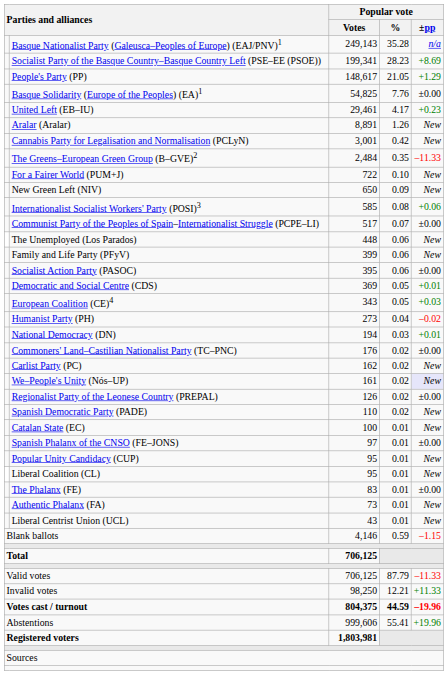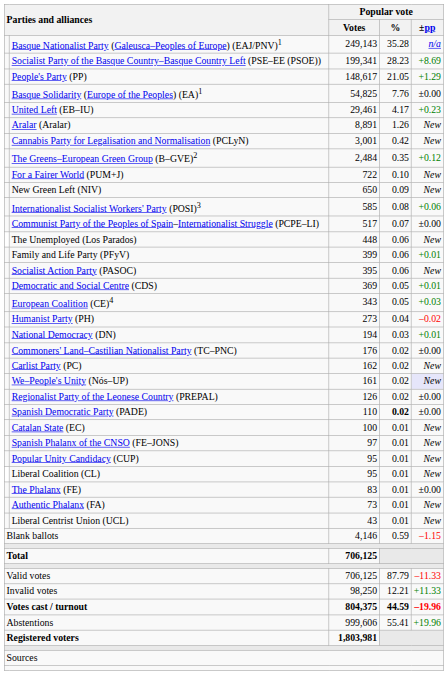 <table class="wikitable" style="text-align:right">
 <tr>
 <th style="text-align:left;" rowspan="2" colspan="2" width="525">Parties and alliances</th>
 <th colspan="3">Popular vote</th>
 </tr>
 <tr>
 <th width="75">Votes</th>
 <th width="45">%</th>
 <th width="45">±<a href='#'>pp</a></th>
 </tr>
 <tr>
 <td width="1" style="color:inherit;background:"></td>
 <td align="left"><a href='#'>Basque Nationalist Party</a> (<a href='#'>Galeusca–Peoples of Europe</a>) (EAJ/PNV)<sup>1</sup></td>
 <td>249,143</td>
 <td>35.28</td>
 <td><em><a href='#'>n/a</a></em></td>
 </tr>
 <tr>
 <td style="color:inherit;background:"></td>
 <td align="left"><a href='#'>Socialist Party of the Basque Country–Basque Country Left</a> (PSE–EE (PSOE))</td>
 <td>199,341</td>
 <td>28.23</td>
 <td style="color:green;">+8.69</td>
 </tr>
 <tr>
 <td style="color:inherit;background:"></td>
 <td align="left"><a href='#'>People's Party</a> (PP)</td>
 <td>148,617</td>
 <td>21.05</td>
 <td style="color:green;">+1.29</td>
 </tr>
 <tr>
 <td style="color:inherit;background:"></td>
 <td align="left"><a href='#'>Basque Solidarity</a> (<a href='#'>Europe of the Peoples</a>) (EA)<sup>1</sup></td>
 <td>54,825</td>
 <td>7.76</td>
 <td>±0.00</td>
 </tr>
 <tr>
 <td style="color:inherit;background:"></td>
 <td align="left"><a href='#'>United Left</a> (EB–IU)</td>
 <td>29,461</td>
 <td>4.17</td>
 <td style="color:green;">+0.23</td>
 </tr>
 <tr>
 <td style="color:inherit;background:"></td>
 <td align="left"><a href='#'>Aralar</a> (Aralar)</td>
 <td>8,891</td>
 <td>1.26</td>
 <td><em>New</em></td>
 </tr>
 <tr>
 <td style="color:inherit;background:"></td>
 <td align="left"><a href='#'>Cannabis Party for Legalisation and Normalisation</a> (PCLyN)</td>
 <td>3,001</td>
 <td>0.42</td>
 <td><em>New</em></td>
 </tr>
 <tr>
 <td style="color:inherit;background:"></td>
 <td align="left"><a href='#'>The Greens–European Green Group</a> (B–GVE)<sup>2</sup></td>
 <td>2,484</td>
 <td>0.35</td>
-<td style="color:red;">–11.33</td>
+<td style="color:green;">+0.12</td>
 </tr>
 <tr>
 <td style="color:inherit;background:"></td>
 <td align="left"><a href='#'>For a Fairer World</a> (PUM+J)</td>
 <td>722</td>
 <td>0.10</td>
 <td><em>New</em></td>
 </tr>
 <tr>
 <td style="color:inherit;background:"></td>
 <td align="left">New Green Left (NIV)</td>
 <td>650</td>
 <td>0.09</td>
 <td><em>New</em></td>
 </tr>
 <tr>
 <td style="color:inherit;background:"></td>
 <td align="left"><a href='#'>Internationalist Socialist Workers' Party</a> (POSI)<sup>3</sup></td>
 <td>585</td>
 <td>0.08</td>
 <td style="color:green;">+0.06</td>
 </tr>
 <tr>
 <td style="color:inherit;background:"></td>
 <td align="left"><a href='#'>Communist Party of the Peoples of Spain</a>–<a href='#'>Internationalist Struggle</a> (PCPE–LI)</td>
 <td>517</td>
 <td>0.07</td>
 <td>±0.00</td>
 </tr>
 <tr>
 <td bgcolor="white"></td>
 <td align="left">The Unemployed (Los Parados)</td>
 <td>448</td>
 <td>0.06</td>
 <td><em>New</em></td>
 </tr>
 <tr>
 <td style="color:inherit;background:"></td>
 <td align="left">Family and Life Party (PFyV)</td>
 <td>399</td>
 <td>0.06</td>
-<td><em>New</em></td>
+<td style="color:green;">+0.01</td>
 </tr>
 <tr>
 <td style="color:inherit;background:"></td>
 <td align="left"><a href='#'>Socialist Action Party</a> (PASOC)</td>
 <td>395</td>
 <td>0.06</td>
-<td>±0.00</td>
+<td><em>New</em></td>
 </tr>
 <tr>
 <td style="color:inherit;background:"></td>
 <td align="left"><a href='#'>Democratic and Social Centre</a> (CDS)</td>
 <td>369</td>
 <td>0.05</td>
 <td style="color:green;">+0.01</td>
 </tr>
 <tr>
 <td style="color:inherit;background:"></td>
 <td align="left"><a href='#'>European Coalition</a> (CE)<sup>4</sup></td>
 <td>343</td>
 <td>0.05</td>
 <td style="color:green;">+0.03</td>
 </tr>
 <tr>
 <td style="color:inherit;background:"></td>
 <td align="left"><a href='#'>Humanist Party</a> (PH)</td>
 <td>273</td>
 <td>0.04</td>
 <td style="color:red;">–0.02</td>
 </tr>
 <tr>
 <td style="color:inherit;background:"></td>
 <td align="left"><a href='#'>National Democracy</a> (DN)</td>
 <td>194</td>
 <td>0.03</td>
 <td style="color:green;">+0.01</td>
 </tr>
 <tr>
 <td style="color:inherit;background:"></td>
 <td align="left"><a href='#'>Commoners' Land–Castilian Nationalist Party</a> (TC–PNC)</td>
 <td>176</td>
 <td>0.02</td>
 <td>±0.00</td>
 </tr>
 <tr>
 <td style="color:inherit;background:"></td>
 <td align="left"><a href='#'>Carlist Party</a> (PC)</td>
 <td>162</td>
 <td>0.02</td>
 <td><em>New</em></td>
 </tr>
 <tr>
 <td style="color:inherit;background:"></td>
 <td align="left"><a href='#'>We–People's Unity</a> (Nós–UP)</td>
 <td>161</td>
 <td>0.02</td>
 <td style="background: lavender;"><em>New</em></td>
 </tr>
 <tr>
 <td style="color:inherit;background:"></td>
 <td align="left"><a href='#'>Regionalist Party of the Leonese Country</a> (PREPAL)</td>
 <td>126</td>
 <td>0.02</td>
 <td>±0.00</td>
 </tr>
 <tr>
 <td style="color:inherit;background:"></td>
 <td align="left"><a href='#'>Spanish Democratic Party</a> (PADE)</td>
 <td>110</td>
-<td>0.02</td>
-<td><em>New</em></td>
+<td><strong>0.02</strong></td>
+<td>±0.00</td>
 </tr>
 <tr>
 <td style="color:inherit;background:"></td>
 <td align="left"><a href='#'>Catalan State</a> (EC)</td>
 <td>100</td>
 <td>0.01</td>
 <td><em>New</em></td>
 </tr>
 <tr>
 <td style="color:inherit;background:"></td>
 <td align="left"><a href='#'>Spanish Phalanx of the CNSO</a> (FE–JONS)</td>
 <td>97</td>
 <td>0.01</td>
-<td>±0.00</td>
+<td><em>New</em></td>
 </tr>
 <tr>
 <td style="color:inherit;background:"></td>
 <td align="left"><a href='#'>Popular Unity Candidacy</a> (CUP)</td>
 <td>95</td>
 <td>0.01</td>
 <td><em>New</em></td>
 </tr>
 <tr>
 <td bgcolor="white"></td>
 <td align="left">Liberal Coalition (CL)</td>
 <td>95</td>
 <td>0.01</td>
 <td><em>New</em></td>
 </tr>
 <tr>
 <td style="color:inherit;background:"></td>
 <td align="left"><a href='#'>The Phalanx</a> (FE)</td>
 <td>83</td>
 <td>0.01</td>
 <td>±0.00</td>
 </tr>
 <tr>
 <td style="color:inherit;background:"></td>
 <td align="left"><a href='#'>Authentic Phalanx</a> (FA)</td>
 <td>73</td>
 <td>0.01</td>
 <td><em>New</em></td>
 </tr>
 <tr>
 <td style="color:inherit;background:"></td>
 <td align="left">Liberal Centrist Union (UCL)</td>
 <td>43</td>
 <td>0.01</td>
 <td><em>New</em></td>
 </tr>
 <tr>
 <td align="left" colspan="2">Blank ballots</td>
 <td>4,146</td>
 <td>0.59</td>
 <td style="color:red;">–1.15</td>
 </tr>
 <tr>
 <td colspan="5" bgcolor="#E9E9E9"></td>
 </tr>
 <tr style="font-weight:bold;">
 <td align="left" colspan="2">Total</td>
 <td>706,125</td>
 <td bgcolor="#E9E9E9" colspan="2"></td>
 </tr>
 <tr>
 <td colspan="5" bgcolor="#E9E9E9"></td>
 </tr>
 <tr>
 <td align="left" colspan="2">Valid votes</td>
 <td>706,125</td>
 <td>87.79</td>
 <td style="color:red;">–11.33</td>
 </tr>
 <tr>
 <td align="left" colspan="2">Invalid votes</td>
 <td>98,250</td>
 <td>12.21</td>
 <td style="color:green;">+11.33</td>
 </tr>
 <tr style="font-weight:bold;">
 <td align="left" colspan="2">Votes cast / turnout</td>
 <td>804,375</td>
 <td>44.59</td>
 <td style="color:red;">–19.96</td>
 </tr>
 <tr>
 <td align="left" colspan="2">Abstentions</td>
 <td>999,606</td>
 <td>55.41</td>
 <td style="color:green;">+19.96</td>
 </tr>
 <tr style="font-weight:bold;">
 <td align="left" colspan="2">Registered voters</td>
 <td>1,803,981</td>
 <td bgcolor="#E9E9E9" colspan="2"></td>
 </tr>
 <tr>
 <td colspan="5" bgcolor="#E9E9E9"></td>
 </tr>
 <tr>
 <td align="left" colspan="5">Sources</td>
 </tr>
 <tr>
 <td colspan="5" style="text-align:left; max-width:680px;"></td>
 </tr>
 </table>
